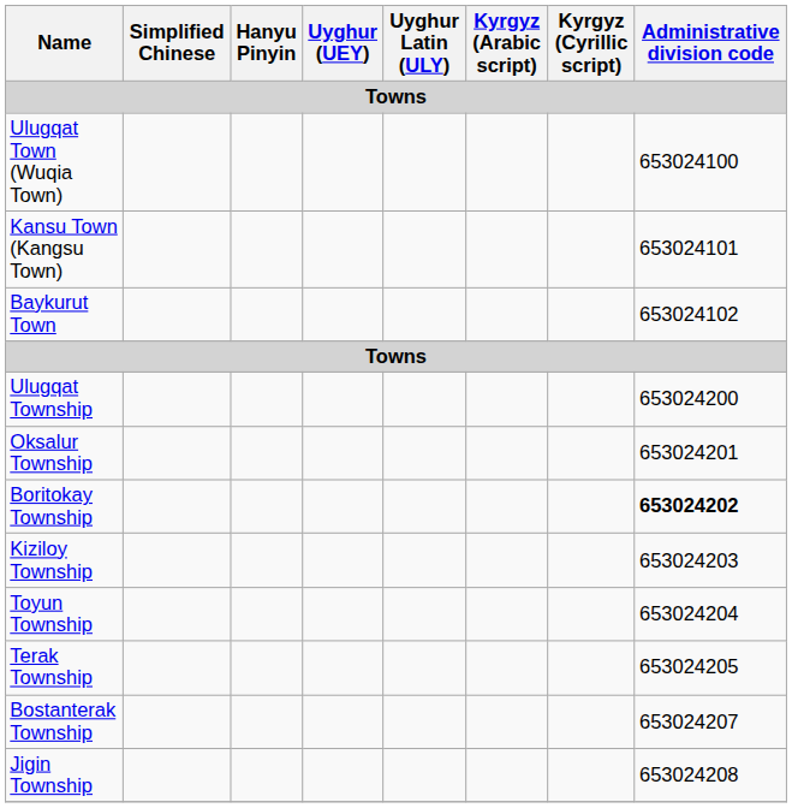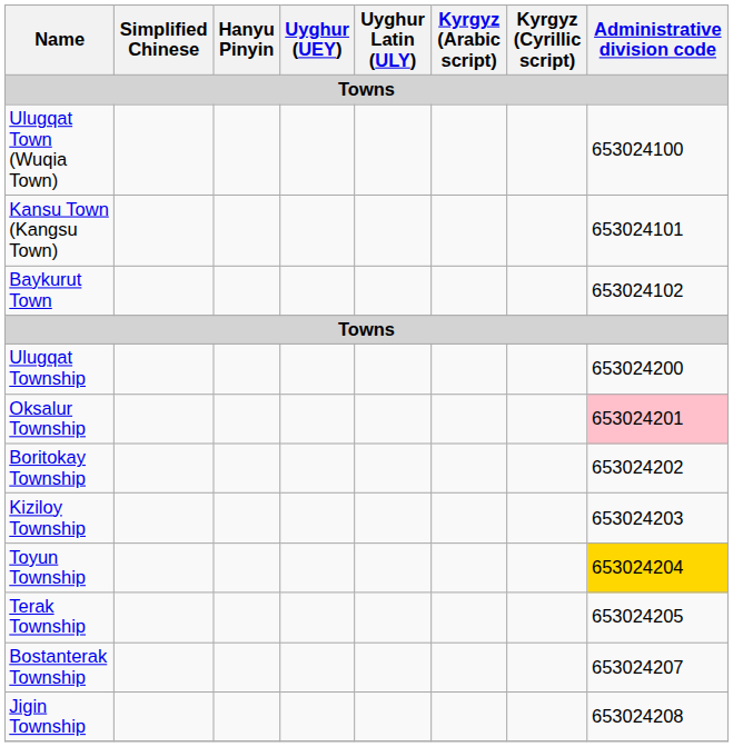 <table class="wikitable" align="center" style="width:50%; border="1">
 <tr>
 <th>Name</th>
 <th>Simplified Chinese</th>
 <th>Hanyu Pinyin</th>
 <th><a href='#'>Uyghur</a> (<a href='#'>UEY</a>)</th>
 <th>Uyghur Latin (<a href='#'>ULY</a>)</th>
 <th><a href='#'>Kyrgyz</a> (Arabic script)</th>
 <th>Kyrgyz (Cyrillic script)</th>
 <th><a href='#'>Administrative division code</a></th>
 </tr>
 <tr>
 <td colspan="9"  style="text-align:center; background:#d3d3d3;"><strong>Towns</strong></td>
 </tr>
 <tr --------->
 <td><a href='#'>Ulugqat Town</a><br>(Wuqia Town)</td>
 <td></td>
 <td></td>
 <td></td>
 <td></td>
 <td></td>
 <td></td>
 <td>653024100</td>
 </tr>
 <tr>
 <td><a href='#'>Kansu Town</a><br>(Kangsu Town)</td>
 <td></td>
 <td></td>
 <td></td>
 <td></td>
 <td></td>
 <td></td>
 <td>653024101</td>
 </tr>
 <tr>
 <td><a href='#'>Baykurut Town</a></td>
 <td></td>
 <td></td>
 <td></td>
 <td></td>
 <td></td>
 <td></td>
 <td>653024102</td>
 </tr>
 <tr>
 <td colspan="9"  style="text-align:center; background:#d3d3d3;"><strong>Towns</strong></td>
 </tr>
 <tr --------->
 <td><a href='#'>Ulugqat Township</a></td>
 <td></td>
 <td></td>
 <td></td>
 <td></td>
 <td></td>
 <td></td>
 <td>653024200</td>
 </tr>
 <tr>
 <td><a href='#'>Oksalur Township</a></td>
 <td></td>
 <td></td>
 <td></td>
 <td></td>
 <td></td>
 <td></td>
-<td>653024201</td>
+<td style="background: pink;">653024201</td>
 </tr>
 <tr>
 <td><a href='#'>Boritokay Township</a></td>
 <td></td>
 <td></td>
 <td></td>
 <td></td>
 <td></td>
 <td></td>
-<td><strong>653024202</strong></td>
+<td>653024202</td>
 </tr>
 <tr>
 <td><a href='#'>Kiziloy Township</a></td>
 <td></td>
 <td></td>
 <td></td>
 <td></td>
 <td></td>
 <td></td>
 <td>653024203</td>
 </tr>
 <tr>
 <td><a href='#'>Toyun Township</a></td>
 <td></td>
 <td></td>
 <td></td>
 <td></td>
 <td></td>
 <td></td>
-<td>653024204</td>
+<td style="background: gold;">653024204</td>
 </tr>
 <tr>
 <td><a href='#'>Terak Township</a></td>
 <td></td>
 <td></td>
 <td></td>
 <td></td>
 <td></td>
 <td></td>
 <td>653024205</td>
 </tr>
 <tr>
 <td><a href='#'>Bostanterak Township</a></td>
 <td></td>
 <td></td>
 <td></td>
 <td></td>
 <td></td>
 <td></td>
 <td>653024207</td>
 </tr>
 <tr>
 <td><a href='#'>Jigin Township</a></td>
 <td></td>
 <td></td>
 <td></td>
 <td></td>
 <td></td>
 <td></td>
 <td>653024208</td>
 </tr>
 <tr>
 </tr>
 </table>
